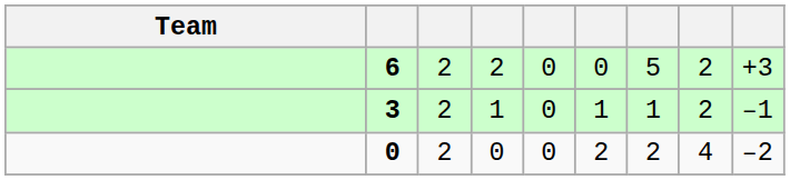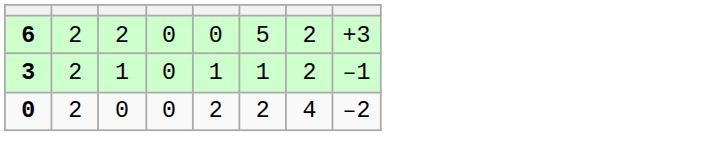 <table class="wikitable" style="text-align:center">
 <tr>
-<th width="175">Team</th>
 <th width="20"></th>
 <th width="20"></th>
 <th width="20"></th>
 <th width="20"></th>
 <th width="20"></th>
 <th width="20"></th>
 <th width="20"></th>
 <th width="20"></th>
 </tr>
 <tr bgcolor=#CCFFCC>
-<td align=left></td>
 <td><strong>6</strong></td>
 <td>2</td>
 <td>2</td>
 <td>0</td>
 <td>0</td>
 <td>5</td>
 <td>2</td>
 <td>+3</td>
 </tr>
 <tr bgcolor=#CCFFCC>
-<td align=left></td>
 <td><strong>3</strong></td>
 <td>2</td>
 <td>1</td>
 <td>0</td>
 <td>1</td>
 <td>1</td>
 <td>2</td>
 <td>–1</td>
 </tr>
 <tr>
-<td align=left></td>
 <td><strong>0</strong></td>
 <td>2</td>
 <td>0</td>
 <td>0</td>
 <td>2</td>
 <td>2</td>
 <td>4</td>
 <td>–2</td>
 </tr>
 </table>
